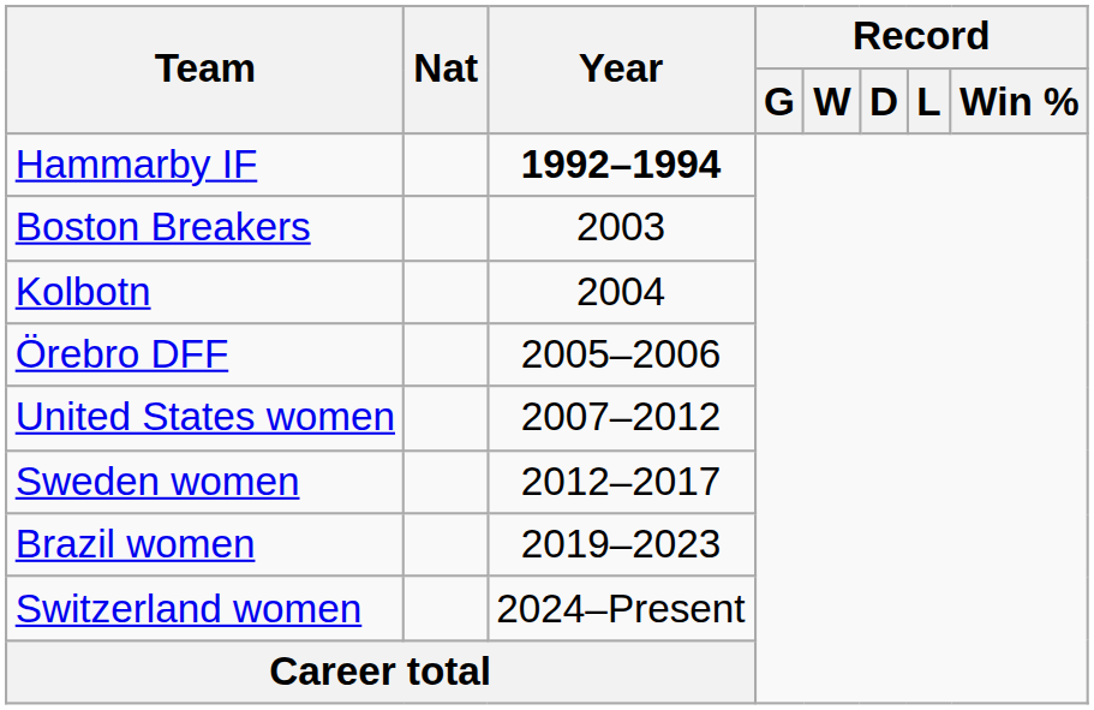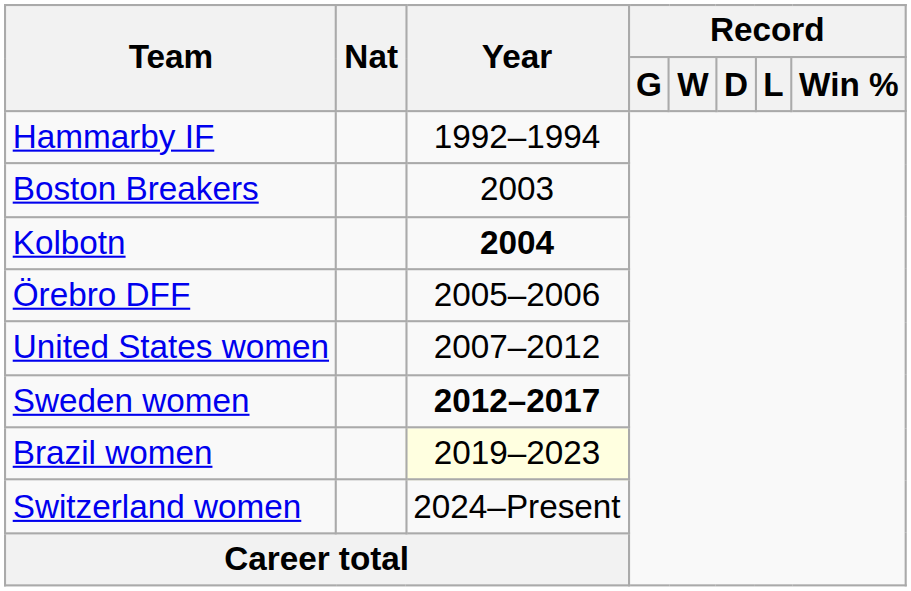 <table class="wikitable" style="text-align: center">
 <tr>
 <th rowspan="2">Team</th>
 <th rowspan="2">Nat</th>
 <th rowspan="2">Year</th>
 <th colspan="5">Record</th>
 </tr>
 <tr>
 <th>G</th>
 <th>W</th>
 <th>D</th>
 <th>L</th>
 <th>Win %</th>
 </tr>
 <tr>
 <td align="left"><a href='#'>Hammarby IF</a></td>
 <td></td>
-<td><strong>1992–1994<br></strong></td>
+<td>1992–1994<br></td>
 </tr>
 <tr>
 <td align="left"><a href='#'>Boston Breakers</a></td>
 <td></td>
 <td>2003<br></td>
 </tr>
 <tr>
 <td align="left"><a href='#'>Kolbotn</a></td>
 <td></td>
-<td>2004<br></td>
+<td><strong>2004<br></strong></td>
 </tr>
 <tr>
 <td align="left"><a href='#'>Örebro DFF</a></td>
 <td></td>
 <td>2005–2006<br></td>
 </tr>
 <tr>
 <td align="left"><a href='#'>United States women</a></td>
 <td></td>
 <td>2007–2012<br></td>
 </tr>
 <tr>
 <td align="left"><a href='#'>Sweden women</a></td>
 <td></td>
-<td>2012–2017<br></td>
+<td><strong>2012–2017<br></strong></td>
 </tr>
 <tr>
 <td align="left"><a href='#'>Brazil women</a></td>
 <td></td>
-<td>2019–2023<br></td>
+<td style="background: lightyellow;">2019–2023<br></td>
 </tr>
 <tr>
 <td align="left"><a href='#'>Switzerland women</a></td>
 <td></td>
 <td>2024–Present<br></td>
 </tr>
 <tr>
 <th colspan="3">Career total<br></th>
 </tr>
 </table>
